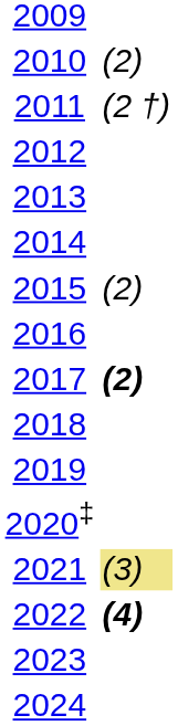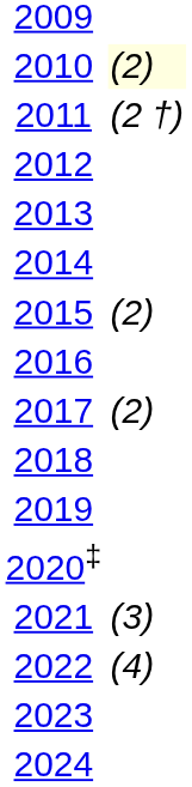 <table>
 <tr>
 <td align="center"><a href='#'>2009</a></td>
 <td></td>
 <td></td>
 <td></td>
 </tr>
 <tr>
 <td align="center"><a href='#'>2010</a></td>
-<td> <em>(2)</em></td>
+<td style="background: lightyellow;"> <em>(2)</em></td>
 <td></td>
 <td></td>
 </tr>
 <tr>
 <td align="center"><a href='#'>2011</a></td>
 <td> <em>(2 †)</em> </td>
 <td></td>
 <td></td>
 </tr>
 <tr>
 <td align="center"><a href='#'>2012</a></td>
 <td></td>
 <td></td>
 <td></td>
 </tr>
 <tr>
 <td align="center"><a href='#'>2013</a></td>
 <td></td>
 <td></td>
 <td></td>
 </tr>
 <tr>
 <td align="center"><a href='#'>2014</a></td>
 <td></td>
 <td></td>
 <td></td>
 </tr>
 <tr>
 <td align="center"><a href='#'>2015</a></td>
 <td> <em>(2)</em></td>
 <td></td>
 <td></td>
 </tr>
 <tr>
 <td align="center"><a href='#'>2016</a></td>
 <td></td>
 <td></td>
 <td></td>
 </tr>
 <tr>
 <td align="center"><a href='#'>2017</a></td>
-<td><strong> <em>(2)</em></strong></td>
+<td> <em>(2)</em></td>
 <td></td>
 <td></td>
 </tr>
 <tr>
 <td align="center"><a href='#'>2018</a></td>
 <td></td>
 <td></td>
 <td></td>
 </tr>
 <tr>
 <td align="center"><a href='#'>2019</a></td>
 <td></td>
 <td></td>
 <td></td>
 </tr>
 <tr>
 <td align="center"><a href='#'>2020</a><sup>‡</sup></td>
 <td></td>
 <td></td>
 <td></td>
 </tr>
 <tr>
 <td align="center"><a href='#'>2021</a></td>
-<td style="background: khaki;"> <em>(3)</em></td>
+<td> <em>(3)</em></td>
 <td></td>
 <td></td>
 </tr>
 <tr>
 <td align="center"><a href='#'>2022</a></td>
-<td><strong> <em>(4)</em></strong></td>
+<td> <em>(4)</em></td>
 <td></td>
 <td></td>
 </tr>
 <tr>
 <td align="center"><a href='#'>2023</a></td>
 <td></td>
 <td></td>
 <td></td>
 </tr>
 <tr>
 <td align="center"><a href='#'>2024</a></td>
 <td></td>
 <td></td>
 <td></td>
 </tr>
 </table>
